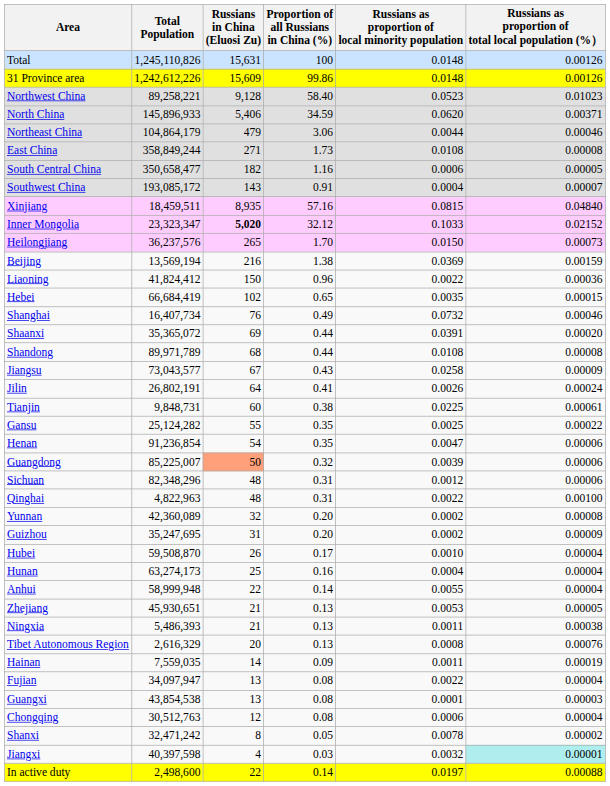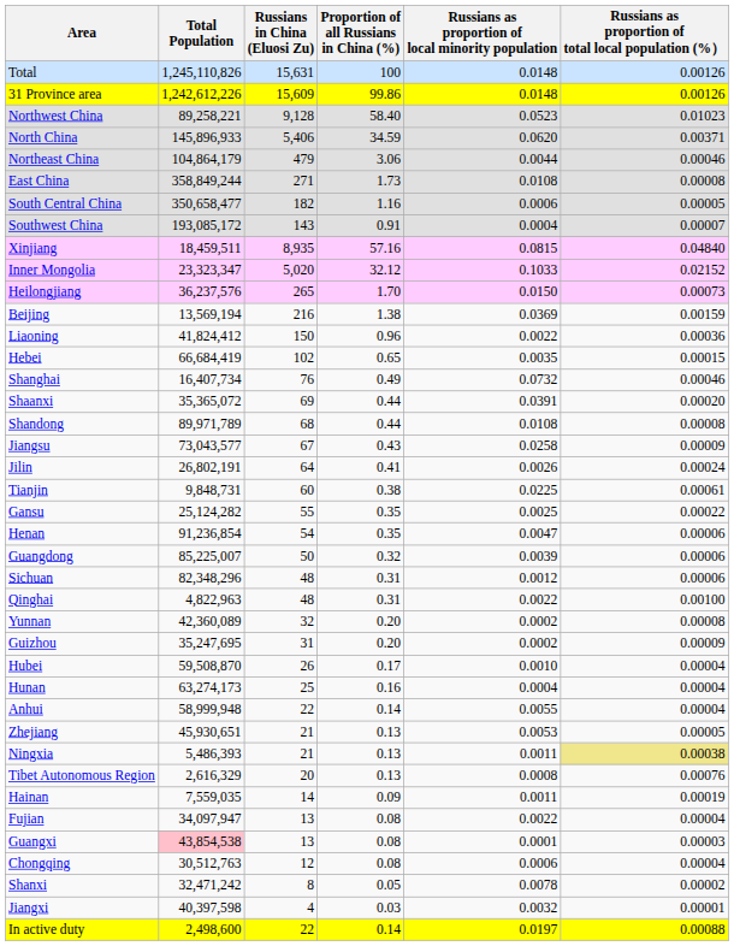 <table class="wikitable sortable" font=90%>
 <tr>
 <th align="center" valign="middle"><span>Area</span><br></th>
 <th align="center" valign="middle"><span>Total<br>Population</span><br></th>
 <th align="center" valign="middle"><span>Russians<br>in China<br>(Eluosi Zu)</span><br></th>
 <th align="center" valign="middle"><span>Proportion of<br>all Russians<br>in China (%)</span><br></th>
 <th align="center" valign="middle"><span>Russians as<br>proportion of<br>local minority population</span><br></th>
 <th align="center" valign="middle"><span>Russians as<br>proportion of<br>total local population (%）</span><br></th>
 </tr>
 <tr>
 <td bgcolor="#CAE4FF"><span>Total</span></td>
 <td align="right" bgcolor="#CAE4FF"><span>1,245,110,826</span></td>
 <td align="right" bgcolor="#CAE4FF"><span>15,631</span></td>
 <td align="right" bgcolor="#CAE4FF"><span>100</span></td>
 <td align="right" bgcolor="#CAE4FF"><span>0.0148</span></td>
 <td align="right" bgcolor="#CAE4FF"><span>0.00126</span></td>
 </tr>
 <tr>
 <td bgcolor="#FFFF00"><span>31 Province area</span></td>
 <td align="right" bgcolor="#FFFF00"><span>1,242,612,226</span></td>
 <td align="right" bgcolor="#FFFF00"><span>15,609</span></td>
 <td align="right" bgcolor="#FFFF00"><span>99.86</span></td>
 <td align="right" bgcolor="#FFFF00"><span>0.0148</span></td>
 <td align="right" bgcolor="#FFFF00"><span>0.00126</span></td>
 </tr>
 <tr>
 <td bgcolor="#E0E0E0"><span><a href='#'>Northwest China</a></span></td>
 <td align="right" bgcolor="#E0E0E0"><span>89,258,221</span></td>
 <td align="right" bgcolor="#E0E0E0"><span>9,128</span></td>
 <td align="right" bgcolor="#E0E0E0"><span>58.40</span></td>
 <td align="right" bgcolor="#E0E0E0"><span>0.0523</span></td>
 <td align="right" bgcolor="#E0E0E0"><span>0.01023</span></td>
 </tr>
 <tr>
 <td bgcolor="#E0E0E0"><span><a href='#'>North China</a></span></td>
 <td align="right" bgcolor="#E0E0E0"><span>145,896,933</span></td>
 <td align="right" bgcolor="#E0E0E0"><span>5,406</span></td>
 <td align="right" bgcolor="#E0E0E0"><span>34.59</span></td>
 <td align="right" bgcolor="#E0E0E0"><span>0.0620</span></td>
 <td align="right" bgcolor="#E0E0E0"><span>0.00371</span></td>
 </tr>
 <tr>
 <td bgcolor="#E0E0E0"><span><a href='#'>Northeast China</a></span></td>
 <td align="right" bgcolor="#E0E0E0"><span>104,864,179</span></td>
 <td align="right" bgcolor="#E0E0E0"><span>479</span></td>
 <td align="right" bgcolor="#E0E0E0"><span>3.06</span></td>
 <td align="right" bgcolor="#E0E0E0"><span>0.0044</span></td>
 <td align="right" bgcolor="#E0E0E0"><span>0.00046</span></td>
 </tr>
 <tr>
 <td bgcolor="#E0E0E0"><span><a href='#'>East China</a></span></td>
 <td align="right" bgcolor="#E0E0E0"><span>358,849,244</span></td>
 <td align="right" bgcolor="#E0E0E0"><span>271</span></td>
 <td align="right" bgcolor="#E0E0E0"><span>1.73</span></td>
 <td align="right" bgcolor="#E0E0E0"><span>0.0108</span></td>
 <td align="right" bgcolor="#E0E0E0"><span>0.00008</span></td>
 </tr>
 <tr>
 <td bgcolor="#E0E0E0"><span><a href='#'>South Central China</a></span></td>
 <td align="right" bgcolor="#E0E0E0"><span>350,658,477</span></td>
 <td align="right" bgcolor="#E0E0E0"><span>182</span></td>
 <td align="right" bgcolor="#E0E0E0"><span>1.16</span></td>
 <td align="right" bgcolor="#E0E0E0"><span>0.0006</span></td>
 <td align="right" bgcolor="#E0E0E0"><span>0.00005</span></td>
 </tr>
 <tr>
 <td bgcolor="#E0E0E0"><span><a href='#'>Southwest China</a></span></td>
 <td align="right" bgcolor="#E0E0E0"><span>193,085,172</span></td>
 <td align="right" bgcolor="#E0E0E0"><span>143</span></td>
 <td align="right" bgcolor="#E0E0E0"><span>0.91</span></td>
 <td align="right" bgcolor="#E0E0E0"><span>0.0004</span></td>
 <td align="right" bgcolor="#E0E0E0"><span>0.00007</span></td>
 </tr>
 <tr>
 <td bgcolor="#FFCCFF"><span><a href='#'>Xinjiang</a></span></td>
 <td align="right" bgcolor="#FFCCFF"><span>18,459,511</span></td>
 <td align="right" bgcolor="#FFCCFF"><span>8,935</span></td>
 <td align="right" bgcolor="#FFCCFF"><span>57.16</span></td>
 <td align="right" bgcolor="#FFCCFF"><span>0.0815</span></td>
 <td align="right" bgcolor="#FFCCFF"><span>0.04840</span></td>
 </tr>
 <tr>
 <td bgcolor="#FFCCFF"><span><a href='#'>Inner Mongolia</a></span></td>
 <td align="right" bgcolor="#FFCCFF"><span>23,323,347</span></td>
-<td align="right" bgcolor="#FFCCFF"><strong><span>5,020</span></strong></td>
+<td align="right" bgcolor="#FFCCFF"><span>5,020</span></td>
 <td align="right" bgcolor="#FFCCFF"><span>32.12</span></td>
 <td align="right" bgcolor="#FFCCFF"><span>0.1033</span></td>
 <td align="right" bgcolor="#FFCCFF"><span>0.02152</span></td>
 </tr>
 <tr>
 <td bgcolor="#FFCCFF"><span><a href='#'>Heilongjiang</a></span></td>
 <td align="right" bgcolor="#FFCCFF"><span>36,237,576</span></td>
 <td align="right" bgcolor="#FFCCFF"><span>265</span></td>
 <td align="right" bgcolor="#FFCCFF"><span>1.70</span></td>
 <td align="right" bgcolor="#FFCCFF"><span>0.0150</span></td>
 <td align="right" bgcolor="#FFCCFF"><span>0.00073</span></td>
 </tr>
 <tr>
 <td><span><a href='#'>Beijing</a></span></td>
 <td align="right"><span>13,569,194</span></td>
 <td align="right"><span>216</span></td>
 <td align="right"><span>1.38</span></td>
 <td align="right"><span>0.0369</span></td>
 <td align="right"><span>0.00159</span></td>
 </tr>
 <tr>
 <td><span><a href='#'>Liaoning</a></span></td>
 <td align="right"><span>41,824,412</span></td>
 <td align="right"><span>150</span></td>
 <td align="right"><span>0.96</span></td>
 <td align="right"><span>0.0022</span></td>
 <td align="right"><span>0.00036</span></td>
 </tr>
 <tr>
 <td><span><a href='#'>Hebei</a></span></td>
 <td align="right"><span>66,684,419</span></td>
 <td align="right"><span>102</span></td>
 <td align="right"><span>0.65</span></td>
 <td align="right"><span>0.0035</span></td>
 <td align="right"><span>0.00015</span></td>
 </tr>
 <tr>
 <td><span><a href='#'>Shanghai</a></span></td>
 <td align="right"><span>16,407,734</span></td>
 <td align="right"><span>76</span></td>
 <td align="right"><span>0.49</span></td>
 <td align="right"><span>0.0732</span></td>
 <td align="right"><span>0.00046</span></td>
 </tr>
 <tr>
 <td><span><a href='#'>Shaanxi</a></span></td>
 <td align="right"><span>35,365,072</span></td>
 <td align="right"><span>69</span></td>
 <td align="right"><span>0.44</span></td>
 <td align="right"><span>0.0391</span></td>
 <td align="right"><span>0.00020</span></td>
 </tr>
 <tr>
 <td><span><a href='#'>Shandong</a></span></td>
 <td align="right"><span>89,971,789</span></td>
 <td align="right"><span>68</span></td>
 <td align="right"><span>0.44</span></td>
 <td align="right"><span>0.0108</span></td>
 <td align="right"><span>0.00008</span></td>
 </tr>
 <tr>
 <td><span><a href='#'>Jiangsu</a></span></td>
 <td align="right"><span>73,043,577</span></td>
 <td align="right"><span>67</span></td>
 <td align="right"><span>0.43</span></td>
 <td align="right"><span>0.0258</span></td>
 <td align="right"><span>0.00009</span></td>
 </tr>
 <tr>
 <td><span><a href='#'>Jilin</a></span></td>
 <td align="right"><span>26,802,191</span></td>
 <td align="right"><span>64</span></td>
 <td align="right"><span>0.41</span></td>
 <td align="right"><span>0.0026</span></td>
 <td align="right"><span>0.00024</span></td>
 </tr>
 <tr>
 <td><span><a href='#'>Tianjin</a></span></td>
 <td align="right"><span>9,848,731</span></td>
 <td align="right"><span>60</span></td>
 <td align="right"><span>0.38</span></td>
 <td align="right"><span>0.0225</span></td>
 <td align="right"><span>0.00061</span></td>
 </tr>
 <tr>
 <td><span><a href='#'>Gansu</a></span></td>
 <td align="right"><span>25,124,282</span></td>
 <td align="right"><span>55</span></td>
 <td align="right"><span>0.35</span></td>
 <td align="right"><span>0.0025</span></td>
 <td align="right"><span>0.00022</span></td>
 </tr>
 <tr>
 <td><span><a href='#'>Henan</a></span></td>
 <td align="right"><span>91,236,854</span></td>
 <td align="right"><span>54</span></td>
 <td align="right"><span>0.35</span></td>
 <td align="right"><span>0.0047</span></td>
 <td align="right"><span>0.00006</span></td>
 </tr>
 <tr>
 <td><span><a href='#'>Guangdong</a></span></td>
 <td align="right"><span>85,225,007</span></td>
-<td align="right" style="background: lightsalmon;"><span>50</span></td>
+<td align="right"><span>50</span></td>
 <td align="right"><span>0.32</span></td>
 <td align="right"><span>0.0039</span></td>
 <td align="right"><span>0.00006</span></td>
 </tr>
 <tr>
 <td><span><a href='#'>Sichuan</a></span></td>
 <td align="right"><span>82,348,296</span></td>
 <td align="right"><span>48</span></td>
 <td align="right"><span>0.31</span></td>
 <td align="right"><span>0.0012</span></td>
 <td align="right"><span>0.00006</span></td>
 </tr>
 <tr>
 <td><span><a href='#'>Qinghai</a></span></td>
 <td align="right"><span>4,822,963</span></td>
 <td align="right"><span>48</span></td>
 <td align="right"><span>0.31</span></td>
 <td align="right"><span>0.0022</span></td>
 <td align="right"><span>0.00100</span></td>
 </tr>
 <tr>
 <td><span><a href='#'>Yunnan</a></span></td>
 <td align="right"><span>42,360,089</span></td>
 <td align="right"><span>32</span></td>
 <td align="right"><span>0.20</span></td>
 <td align="right"><span>0.0002</span></td>
 <td align="right"><span>0.00008</span></td>
 </tr>
 <tr>
 <td><span><a href='#'>Guizhou</a></span></td>
 <td align="right"><span>35,247,695</span></td>
 <td align="right"><span>31</span></td>
 <td align="right"><span>0.20</span></td>
 <td align="right"><span>0.0002</span></td>
 <td align="right"><span>0.00009</span></td>
 </tr>
 <tr>
 <td><span><a href='#'>Hubei</a></span></td>
 <td align="right"><span>59,508,870</span></td>
 <td align="right"><span>26</span></td>
 <td align="right"><span>0.17</span></td>
 <td align="right"><span>0.0010</span></td>
 <td align="right"><span>0.00004</span></td>
 </tr>
 <tr>
 <td><span><a href='#'>Hunan</a></span></td>
 <td align="right"><span>63,274,173</span></td>
 <td align="right"><span>25</span></td>
 <td align="right"><span>0.16</span></td>
 <td align="right"><span>0.0004</span></td>
 <td align="right"><span>0.00004</span></td>
 </tr>
 <tr>
 <td><span><a href='#'>Anhui</a></span></td>
 <td align="right"><span>58,999,948</span></td>
 <td align="right"><span>22</span></td>
 <td align="right"><span>0.14</span></td>
 <td align="right"><span>0.0055</span></td>
 <td align="right"><span>0.00004</span></td>
 </tr>
 <tr>
 <td><span><a href='#'>Zhejiang</a></span></td>
 <td align="right"><span>45,930,651</span></td>
 <td align="right"><span>21</span></td>
 <td align="right"><span>0.13</span></td>
 <td align="right"><span>0.0053</span></td>
 <td align="right"><span>0.00005</span></td>
 </tr>
 <tr>
 <td><span><a href='#'>Ningxia</a></span></td>
 <td align="right"><span>5,486,393</span></td>
 <td align="right"><span>21</span></td>
 <td align="right"><span>0.13</span></td>
 <td align="right"><span>0.0011</span></td>
-<td align="right"><span>0.00038</span></td>
+<td align="right" style="background: khaki;"><span>0.00038</span></td>
 </tr>
 <tr>
 <td><span><a href='#'>Tibet Autonomous Region</a></span></td>
 <td align="right"><span>2,616,329</span></td>
 <td align="right"><span>20</span></td>
 <td align="right"><span>0.13</span></td>
 <td align="right"><span>0.0008</span></td>
 <td align="right"><span>0.00076</span></td>
 </tr>
 <tr>
 <td><span><a href='#'>Hainan</a></span></td>
 <td align="right"><span>7,559,035</span></td>
 <td align="right"><span>14</span></td>
 <td align="right"><span>0.09</span></td>
 <td align="right"><span>0.0011</span></td>
 <td align="right"><span>0.00019</span></td>
 </tr>
 <tr>
 <td><span><a href='#'>Fujian</a></span></td>
 <td align="right"><span>34,097,947</span></td>
 <td align="right"><span>13</span></td>
 <td align="right"><span>0.08</span></td>
 <td align="right"><span>0.0022</span></td>
 <td align="right"><span>0.00004</span></td>
 </tr>
 <tr>
 <td><span><a href='#'>Guangxi</a></span></td>
-<td align="right"><span>43,854,538</span></td>
+<td align="right" style="background: pink;"><span>43,854,538</span></td>
 <td align="right"><span>13</span></td>
 <td align="right"><span>0.08</span></td>
 <td align="right"><span>0.0001</span></td>
 <td align="right"><span>0.00003</span></td>
 </tr>
 <tr>
 <td><span><a href='#'>Chongqing</a></span></td>
 <td align="right"><span>30,512,763</span></td>
 <td align="right"><span>12</span></td>
 <td align="right"><span>0.08</span></td>
 <td align="right"><span>0.0006</span></td>
 <td align="right"><span>0.00004</span></td>
 </tr>
 <tr>
 <td><span><a href='#'>Shanxi</a></span></td>
 <td align="right"><span>32,471,242</span></td>
 <td align="right"><span>8</span></td>
 <td align="right"><span>0.05</span></td>
 <td align="right"><span>0.0078</span></td>
 <td align="right"><span>0.00002</span></td>
 </tr>
 <tr>
 <td><span><a href='#'>Jiangxi</a></span></td>
 <td align="right"><span>40,397,598</span></td>
 <td align="right"><span>4</span></td>
 <td align="right"><span>0.03</span></td>
 <td align="right"><span>0.0032</span></td>
-<td align="right" style="background: paleturquoise;"><span>0.00001</span></td>
+<td align="right"><span>0.00001</span></td>
 </tr>
 <tr>
 <td bgcolor="#FFFF00"><span>In active duty</span></td>
 <td align="right" bgcolor="#FFFF00"><span>2,498,600</span></td>
 <td align="right" bgcolor="#FFFF00"><span>22</span></td>
 <td align="right" bgcolor="#FFFF00"><span>0.14</span></td>
 <td align="right" bgcolor="#FFFF00"><span>0.0197</span></td>
 <td align="right" bgcolor="#FFFF00"><span>0.00088</span></td>
 </tr>
 </table>
